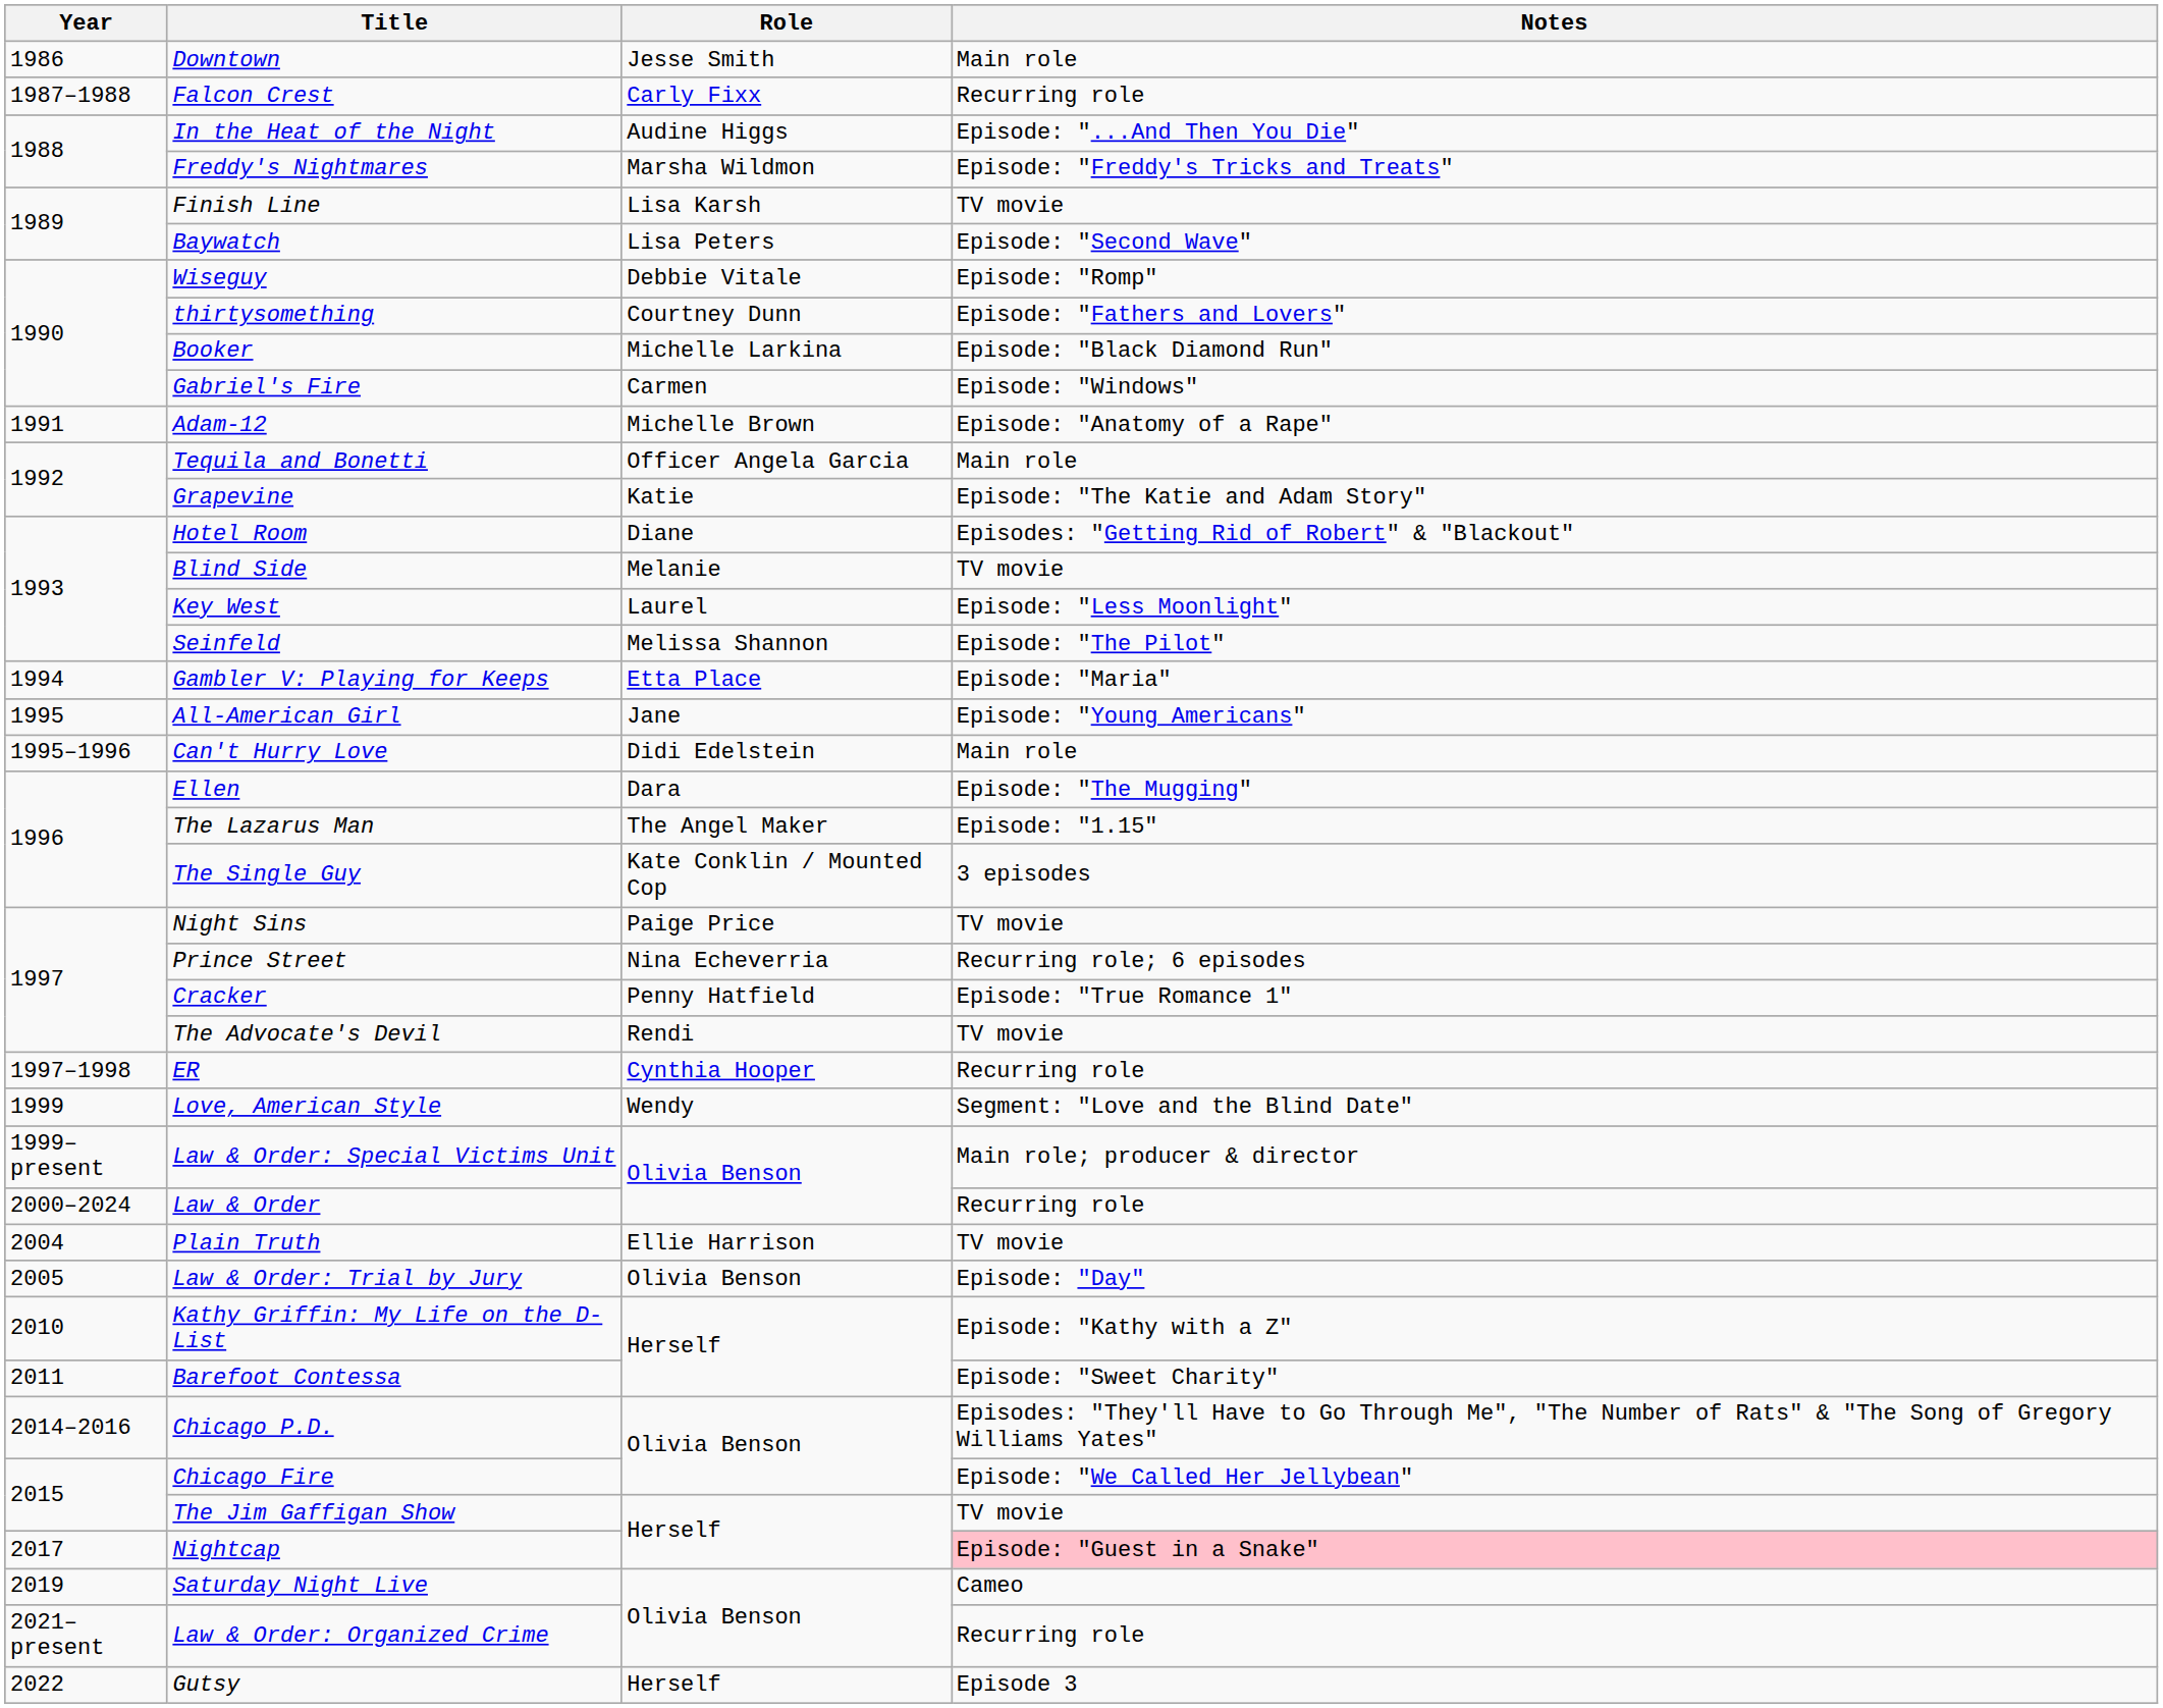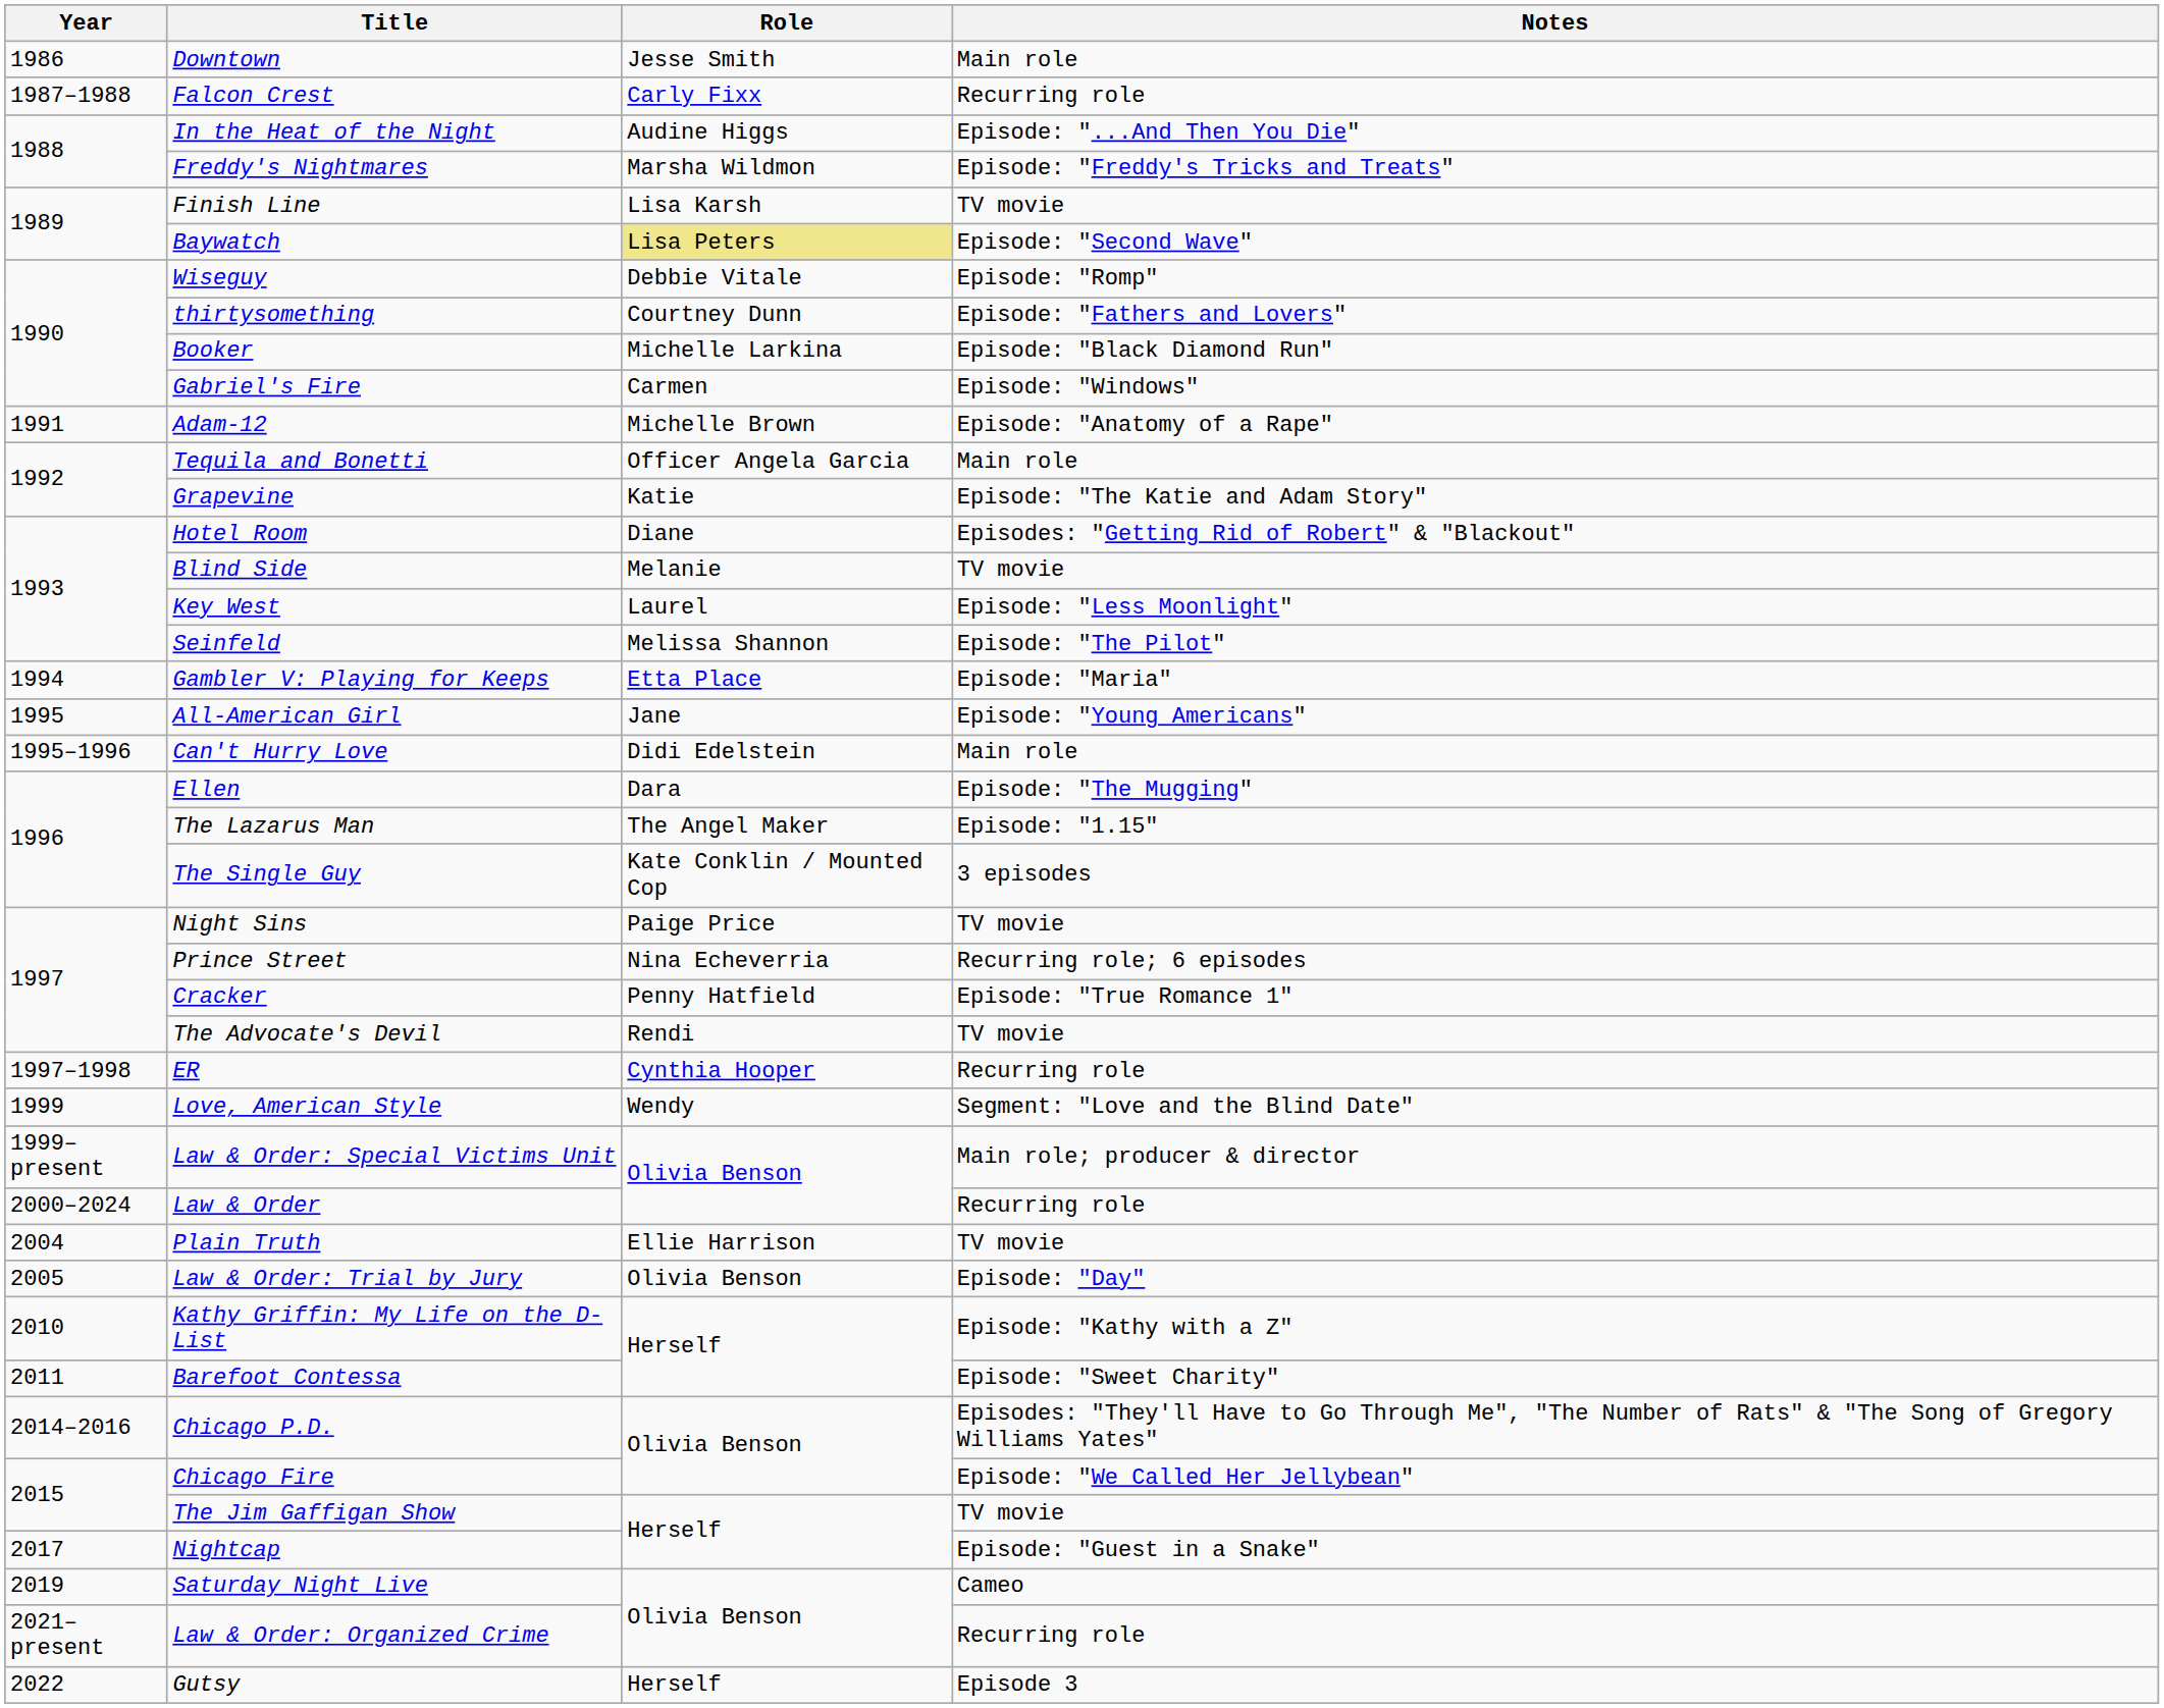 <table class="wikitable sortable">
 <tr>
 <th>Year</th>
 <th>Title</th>
 <th>Role</th>
 <th class="unsortable">Notes</th>
 </tr>
 <tr>
 <td>1986</td>
 <td><em><a href='#'>Downtown</a></em></td>
 <td>Jesse Smith</td>
 <td>Main role</td>
 </tr>
 <tr>
 <td>1987–1988</td>
 <td><em><a href='#'>Falcon Crest</a></em></td>
 <td><a href='#'>Carly Fixx</a></td>
 <td>Recurring role</td>
 </tr>
 <tr>
 <td rowspan=2>1988</td>
 <td><em><a href='#'>In the Heat of the Night</a></em></td>
 <td>Audine Higgs</td>
 <td>Episode: "<a href='#'>...And Then You Die</a>"</td>
 </tr>
 <tr>
 <td><em><a href='#'>Freddy's Nightmares</a></em></td>
 <td>Marsha Wildmon</td>
 <td>Episode: "<a href='#'>Freddy's Tricks and Treats</a>"</td>
 </tr>
 <tr>
 <td rowspan=2>1989</td>
 <td><em>Finish Line</em></td>
 <td>Lisa Karsh</td>
 <td>TV movie</td>
 </tr>
 <tr>
 <td><em><a href='#'>Baywatch</a></em></td>
-<td>Lisa Peters</td>
+<td style="background: khaki;">Lisa Peters</td>
 <td>Episode: "<a href='#'>Second Wave</a>"</td>
 </tr>
 <tr>
 <td rowspan=4>1990</td>
 <td><em><a href='#'>Wiseguy</a></em></td>
 <td>Debbie Vitale</td>
 <td>Episode: "Romp"</td>
 </tr>
 <tr>
 <td><em><a href='#'>thirtysomething</a></em></td>
 <td>Courtney Dunn</td>
 <td>Episode: "<a href='#'>Fathers and Lovers</a>"</td>
 </tr>
 <tr>
 <td><em><a href='#'>Booker</a></em></td>
 <td>Michelle Larkina</td>
 <td>Episode: "Black Diamond Run"</td>
 </tr>
 <tr>
 <td><em><a href='#'>Gabriel's Fire</a></em></td>
 <td>Carmen</td>
 <td>Episode: "Windows"</td>
 </tr>
 <tr>
 <td>1991</td>
 <td><em><a href='#'>Adam-12</a></em></td>
 <td>Michelle Brown</td>
 <td>Episode: "Anatomy of a Rape"</td>
 </tr>
 <tr>
 <td rowspan=2>1992</td>
 <td><em><a href='#'>Tequila and Bonetti</a></em></td>
 <td>Officer Angela Garcia</td>
 <td>Main role</td>
 </tr>
 <tr>
 <td><em><a href='#'>Grapevine</a></em></td>
 <td>Katie</td>
 <td>Episode: "The Katie and Adam Story"</td>
 </tr>
 <tr>
 <td rowspan=4>1993</td>
 <td><em><a href='#'>Hotel Room</a></em></td>
 <td>Diane</td>
 <td>Episodes: "<a href='#'>Getting Rid of Robert</a>" & "Blackout"</td>
 </tr>
 <tr>
 <td><em><a href='#'>Blind Side</a></em></td>
 <td>Melanie</td>
 <td>TV movie</td>
 </tr>
 <tr>
 <td><em><a href='#'>Key West</a></em></td>
 <td>Laurel</td>
 <td>Episode: "<a href='#'>Less Moonlight</a>"</td>
 </tr>
 <tr>
 <td><em><a href='#'>Seinfeld</a></em></td>
 <td>Melissa Shannon</td>
 <td>Episode: "<a href='#'>The Pilot</a>"</td>
 </tr>
 <tr>
 <td>1994</td>
 <td><em><a href='#'>Gambler V: Playing for Keeps</a></em></td>
 <td><a href='#'>Etta Place</a></td>
 <td>Episode: "Maria"</td>
 </tr>
 <tr>
 <td>1995</td>
 <td><em><a href='#'>All-American Girl</a></em></td>
 <td>Jane</td>
 <td>Episode: "<a href='#'>Young Americans</a>"</td>
 </tr>
 <tr>
 <td>1995–1996</td>
 <td><em><a href='#'>Can't Hurry Love</a></em></td>
 <td>Didi Edelstein</td>
 <td>Main role</td>
 </tr>
 <tr>
 <td rowspan=3>1996</td>
 <td><em><a href='#'>Ellen</a></em></td>
 <td>Dara</td>
 <td>Episode: "<a href='#'>The Mugging</a>"</td>
 </tr>
 <tr>
 <td><em>The Lazarus Man</em></td>
 <td>The Angel Maker</td>
 <td>Episode: "1.15"</td>
 </tr>
 <tr>
 <td><em><a href='#'>The Single Guy</a></em></td>
 <td>Kate Conklin / Mounted Cop</td>
 <td>3 episodes</td>
 </tr>
 <tr>
 <td rowspan=4>1997</td>
 <td><em>Night Sins</em></td>
 <td>Paige Price</td>
 <td>TV movie</td>
 </tr>
 <tr>
 <td><em>Prince Street</em></td>
 <td>Nina Echeverria</td>
 <td>Recurring role; 6 episodes</td>
 </tr>
 <tr>
 <td><em><a href='#'>Cracker</a></em></td>
 <td>Penny Hatfield</td>
 <td>Episode: "True Romance 1"</td>
 </tr>
 <tr>
 <td><em>The Advocate's Devil</em></td>
 <td>Rendi</td>
 <td>TV movie</td>
 </tr>
 <tr>
 <td>1997–1998</td>
 <td><em><a href='#'>ER</a></em></td>
 <td><a href='#'>Cynthia Hooper</a></td>
 <td>Recurring role</td>
 </tr>
 <tr>
 <td>1999</td>
 <td><em><a href='#'>Love, American Style</a></em></td>
 <td>Wendy</td>
 <td>Segment: "Love and the Blind Date"</td>
 </tr>
 <tr>
 <td>1999–present</td>
 <td><em><a href='#'>Law & Order: Special Victims Unit</a></em></td>
 <td rowspan=2><a href='#'>Olivia Benson</a></td>
 <td>Main role; producer & director</td>
 </tr>
 <tr>
 <td>2000–2024</td>
 <td><em><a href='#'>Law & Order</a></em></td>
 <td>Recurring role</td>
 </tr>
 <tr>
 <td>2004</td>
 <td><em><a href='#'>Plain Truth</a></em></td>
 <td>Ellie Harrison</td>
 <td>TV movie</td>
 </tr>
 <tr>
 <td>2005</td>
 <td><em><a href='#'>Law & Order: Trial by Jury</a></em></td>
 <td>Olivia Benson</td>
 <td>Episode: <a href='#'>"Day"</a></td>
 </tr>
 <tr>
 <td>2010</td>
 <td><em><a href='#'>Kathy Griffin: My Life on the D-List</a></em></td>
 <td rowspan=2>Herself</td>
 <td>Episode: "Kathy with a Z"</td>
 </tr>
 <tr>
 <td>2011</td>
 <td><em><a href='#'>Barefoot Contessa</a></em></td>
 <td>Episode: "Sweet Charity"</td>
 </tr>
 <tr>
 <td>2014–2016</td>
 <td><em><a href='#'>Chicago P.D.</a></em></td>
 <td rowspan=2>Olivia Benson</td>
 <td>Episodes: "They'll Have to Go Through Me", "The Number of Rats" & "The Song of Gregory Williams Yates" </td>
 </tr>
 <tr>
 <td rowspan=2>2015</td>
 <td><em><a href='#'>Chicago Fire</a></em></td>
 <td>Episode: "<a href='#'>We Called Her Jellybean</a>"</td>
 </tr>
 <tr>
 <td><em><a href='#'>The Jim Gaffigan Show</a></em></td>
 <td rowspan=2>Herself</td>
 <td>TV movie</td>
 </tr>
 <tr>
 <td>2017</td>
 <td><em><a href='#'>Nightcap</a></em></td>
-<td style="background: pink;">Episode: "Guest in a Snake"</td>
+<td>Episode: "Guest in a Snake"</td>
 </tr>
 <tr>
 <td>2019</td>
 <td><em><a href='#'>Saturday Night Live</a></em></td>
 <td rowspan=2>Olivia Benson</td>
 <td>Cameo</td>
 </tr>
 <tr>
 <td>2021–present</td>
 <td><em><a href='#'>Law & Order: Organized Crime</a></em></td>
 <td>Recurring role</td>
 </tr>
 <tr>
 <td>2022</td>
 <td><em>Gutsy</em></td>
 <td>Herself</td>
 <td>Episode 3</td>
 </tr>
 </table>
